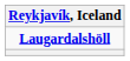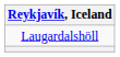 <table class="wikitable" style="text-align:center">
 <tr>
 <th> <a href='#'>Reykjavík</a>, Iceland</th>
 </tr>
 <tr>
-<td><strong><a href='#'>Laugardalshöll</a></strong></td>
+<td><a href='#'>Laugardalshöll</a></td>
 </tr>
 <tr>
 <th></th>
 </tr>
 </table>
